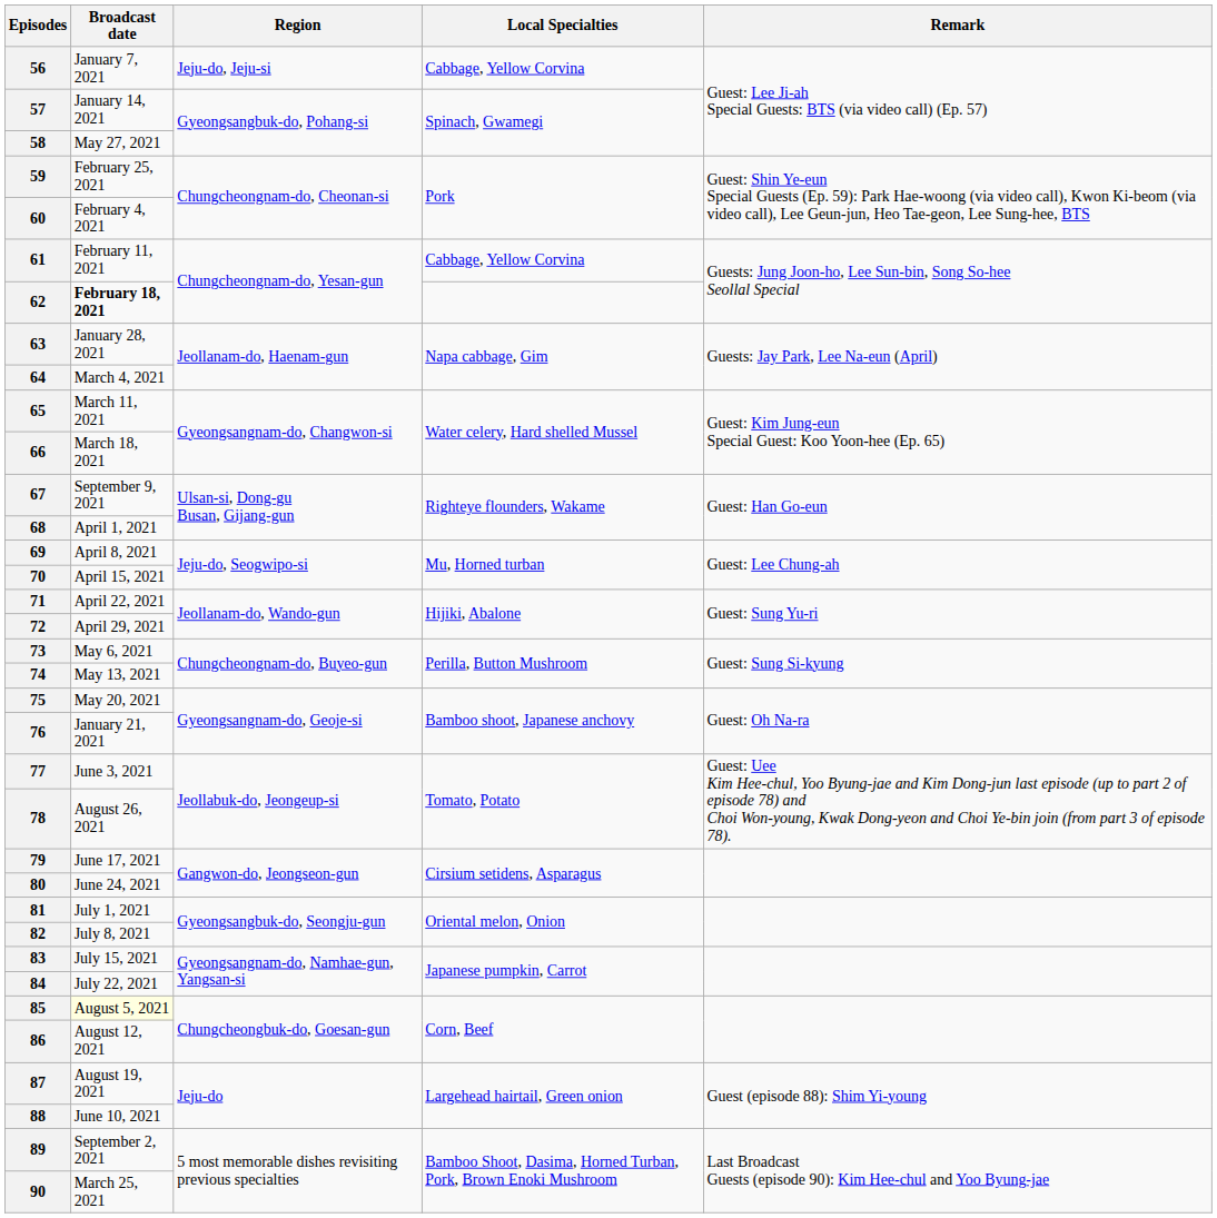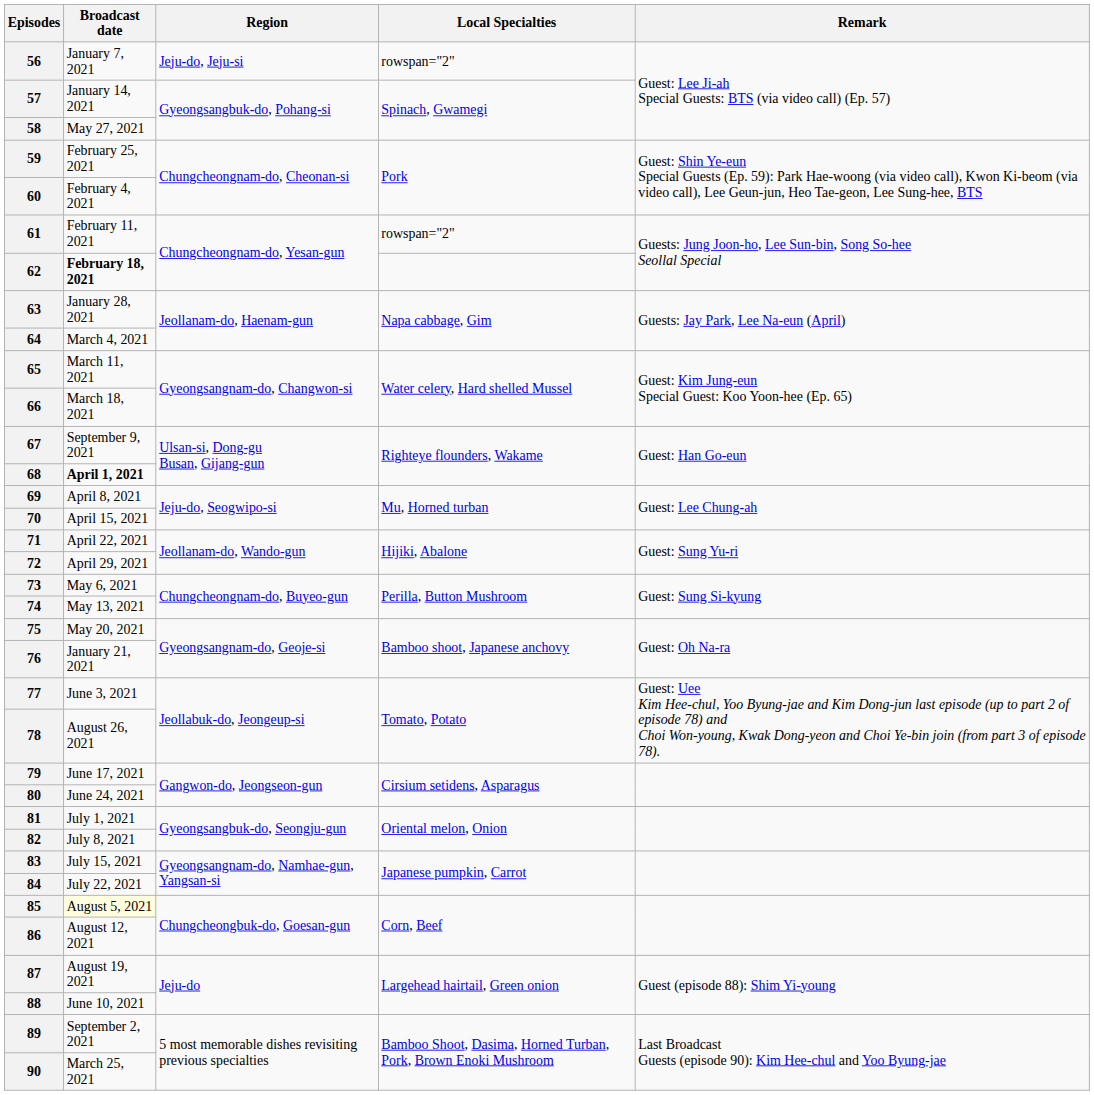 <table class="wikitable">
 <tr>
 <th>Episodes</th>
 <th>Broadcast date</th>
 <th>Region</th>
 <th>Local Specialties</th>
 <th>Remark</th>
 </tr>
 <tr>
 <th>56</th>
 <td>January 7, 2021</td>
 <td><a href='#'>Jeju-do</a>, <a href='#'>Jeju-si</a></td>
-<td><a href='#'>Cabbage</a>, <a href='#'>Yellow Corvina</a></td>
+<td>rowspan="2" </td>
 <td rowspan="3">Guest: <a href='#'>Lee Ji-ah</a><br>Special Guests: <a href='#'>BTS</a> (via video call) (Ep. 57)</td>
 </tr>
 <tr>
 <th>57</th>
 <td>January 14, 2021</td>
 <td rowspan="2"><a href='#'>Gyeongsangbuk-do</a>, <a href='#'>Pohang-si</a></td>
 <td rowspan="2"><a href='#'>Spinach</a>, <a href='#'>Gwamegi</a></td>
 </tr>
 <tr>
 <th>58</th>
 <td>May 27, 2021</td>
 </tr>
 <tr>
 <th>59</th>
 <td>February 25, 2021</td>
 <td rowspan="2"><a href='#'>Chungcheongnam-do</a>, <a href='#'>Cheonan-si</a></td>
 <td rowspan="2"><a href='#'>Pork</a></td>
 <td rowspan="2">Guest: <a href='#'>Shin Ye-eun</a><br>Special Guests (Ep. 59): Park Hae-woong (via video call), Kwon Ki-beom (via video call), Lee Geun-jun, Heo Tae-geon, Lee Sung-hee, <a href='#'>BTS</a></td>
 </tr>
 <tr>
 <th>60</th>
 <td>February 4, 2021</td>
 </tr>
 <tr>
 <th>61</th>
 <td>February 11, 2021</td>
 <td rowspan="2"><a href='#'>Chungcheongnam-do</a>, <a href='#'>Yesan-gun</a></td>
-<td><a href='#'>Cabbage</a>, <a href='#'>Yellow Corvina</a></td>
+<td>rowspan="2" </td>
 <td rowspan="2">Guests: <a href='#'>Jung Joon-ho</a>, <a href='#'>Lee Sun-bin</a>, <a href='#'>Song So-hee</a><br><em>Seollal Special</em></td>
 </tr>
 <tr>
 <th>62</th>
 <td><strong>February 18, 2021</strong></td>
 </tr>
 <tr>
 <th>63</th>
 <td>January 28, 2021</td>
 <td rowspan="2"><a href='#'>Jeollanam-do</a>, <a href='#'>Haenam-gun</a></td>
 <td rowspan="2"><a href='#'>Napa cabbage</a>, <a href='#'>Gim</a></td>
 <td rowspan="2">Guests: <a href='#'>Jay Park</a>, <a href='#'>Lee Na-eun</a> (<a href='#'>April</a>)</td>
 </tr>
 <tr>
 <th>64</th>
 <td>March 4, 2021</td>
 </tr>
 <tr>
 <th>65</th>
 <td>March 11, 2021</td>
 <td rowspan="2"><a href='#'>Gyeongsangnam-do</a>, <a href='#'>Changwon-si</a></td>
 <td rowspan="2"><a href='#'>Water celery</a>, <a href='#'>Hard shelled Mussel</a></td>
 <td rowspan="2">Guest: <a href='#'>Kim Jung-eun</a><br>Special Guest: Koo Yoon-hee (Ep. 65)</td>
 </tr>
 <tr>
 <th>66</th>
 <td>March 18, 2021</td>
 </tr>
 <tr>
 <th>67</th>
 <td>September 9, 2021</td>
 <td rowspan="2"><a href='#'>Ulsan-si</a>, <a href='#'>Dong-gu</a><br><a href='#'>Busan</a>, <a href='#'>Gijang-gun</a></td>
 <td rowspan="2"><a href='#'>Righteye flounders</a>, <a href='#'>Wakame</a></td>
 <td rowspan="2">Guest: <a href='#'>Han Go-eun</a></td>
 </tr>
 <tr>
 <th>68</th>
-<td>April 1, 2021</td>
+<td><strong>April 1, 2021</strong></td>
 </tr>
 <tr>
 <th>69</th>
 <td>April 8, 2021</td>
 <td rowspan="2"><a href='#'>Jeju-do</a>, <a href='#'>Seogwipo-si</a></td>
 <td rowspan="2"><a href='#'>Mu</a>, <a href='#'>Horned turban</a></td>
 <td rowspan="2">Guest: <a href='#'>Lee Chung-ah</a></td>
 </tr>
 <tr>
 <th>70</th>
 <td>April 15, 2021</td>
 </tr>
 <tr>
 <th>71</th>
 <td>April 22, 2021</td>
 <td rowspan="2"><a href='#'>Jeollanam-do</a>, <a href='#'>Wando-gun</a></td>
 <td rowspan="2"><a href='#'>Hijiki</a>, <a href='#'>Abalone</a></td>
 <td rowspan="2">Guest: <a href='#'>Sung Yu-ri</a></td>
 </tr>
 <tr>
 <th>72</th>
 <td>April 29, 2021</td>
 </tr>
 <tr>
 <th>73</th>
 <td>May 6, 2021</td>
 <td rowspan="2"><a href='#'>Chungcheongnam-do</a>, <a href='#'>Buyeo-gun</a></td>
 <td rowspan="2"><a href='#'>Perilla</a>, <a href='#'>Button Mushroom</a></td>
 <td rowspan="2">Guest: <a href='#'>Sung Si-kyung</a></td>
 </tr>
 <tr>
 <th>74</th>
 <td>May 13, 2021</td>
 </tr>
 <tr>
 <th>75</th>
 <td>May 20, 2021</td>
 <td rowspan="2"><a href='#'>Gyeongsangnam-do</a>, <a href='#'>Geoje-si</a></td>
 <td rowspan="2"><a href='#'>Bamboo shoot</a>, <a href='#'>Japanese anchovy</a></td>
 <td rowspan="2">Guest: <a href='#'>Oh Na-ra</a></td>
 </tr>
 <tr>
 <th>76</th>
 <td>January 21, 2021</td>
 </tr>
 <tr>
 <th>77</th>
 <td>June 3, 2021</td>
 <td rowspan="2"><a href='#'>Jeollabuk-do</a>, <a href='#'>Jeongeup-si</a></td>
 <td rowspan="2"><a href='#'>Tomato</a>, <a href='#'>Potato</a></td>
 <td rowspan="2">Guest: <a href='#'>Uee</a> <br><em>Kim Hee-chul, Yoo Byung-jae and Kim Dong-jun last episode (up to part 2 of episode 78) and</em><br><em>Choi Won-young, Kwak Dong-yeon and Choi Ye-bin join (from part 3 of episode 78).</em></td>
 </tr>
 <tr>
 <th>78</th>
 <td>August 26, 2021</td>
 </tr>
 <tr>
 <th>79</th>
 <td>June 17, 2021</td>
 <td rowspan="2"><a href='#'>Gangwon-do</a>, <a href='#'>Jeongseon-gun</a></td>
 <td rowspan="2"><a href='#'>Cirsium setidens</a>, <a href='#'>Asparagus</a></td>
 <td rowspan="2"></td>
 </tr>
 <tr>
 <th>80</th>
 <td>June 24, 2021</td>
 </tr>
 <tr>
 <th>81</th>
 <td>July 1, 2021</td>
 <td rowspan="2"><a href='#'>Gyeongsangbuk-do</a>, <a href='#'>Seongju-gun</a></td>
 <td rowspan="2"><a href='#'>Oriental melon</a>, <a href='#'>Onion</a></td>
 <td rowspan="2"></td>
 </tr>
 <tr>
 <th>82</th>
 <td>July 8, 2021</td>
 </tr>
 <tr>
 <th>83</th>
 <td>July 15, 2021</td>
 <td rowspan="2"><a href='#'>Gyeongsangnam-do</a>, <a href='#'>Namhae-gun</a>, <a href='#'>Yangsan-si</a></td>
 <td rowspan="2"><a href='#'>Japanese pumpkin</a>, <a href='#'>Carrot</a></td>
 <td rowspan="2"></td>
 </tr>
 <tr>
 <th>84</th>
 <td>July 22, 2021</td>
 </tr>
 <tr>
 <th>85</th>
 <td style="background: lightyellow;">August 5, 2021</td>
 <td rowspan="2"><a href='#'>Chungcheongbuk-do</a>, <a href='#'>Goesan-gun</a></td>
 <td rowspan="2"><a href='#'>Corn</a>, <a href='#'>Beef</a></td>
 <td rowspan="2"></td>
 </tr>
 <tr>
 <th>86</th>
 <td>August 12, 2021</td>
 </tr>
 <tr>
 <th>87</th>
 <td>August 19, 2021</td>
 <td rowspan="2"><a href='#'>Jeju-do</a></td>
 <td rowspan="2"><a href='#'>Largehead hairtail</a>, <a href='#'>Green onion</a></td>
 <td rowspan="2">Guest (episode 88): <a href='#'>Shim Yi-young</a></td>
 </tr>
 <tr>
 <th>88</th>
 <td>June 10, 2021</td>
 </tr>
 <tr>
 <th>89</th>
 <td>September 2, 2021</td>
 <td rowspan="2">5 most memorable dishes revisiting previous specialties</td>
 <td rowspan="2"><a href='#'>Bamboo Shoot</a>, <a href='#'>Dasima</a>, <a href='#'>Horned Turban</a>, <a href='#'>Pork</a>, <a href='#'>Brown Enoki Mushroom</a></td>
 <td rowspan="2">Last Broadcast<br>Guests (episode 90): <a href='#'>Kim Hee-chul</a> and <a href='#'>Yoo Byung-jae</a></td>
 </tr>
 <tr>
 <th>90</th>
 <td>March 25, 2021</td>
 </tr>
 </table>
